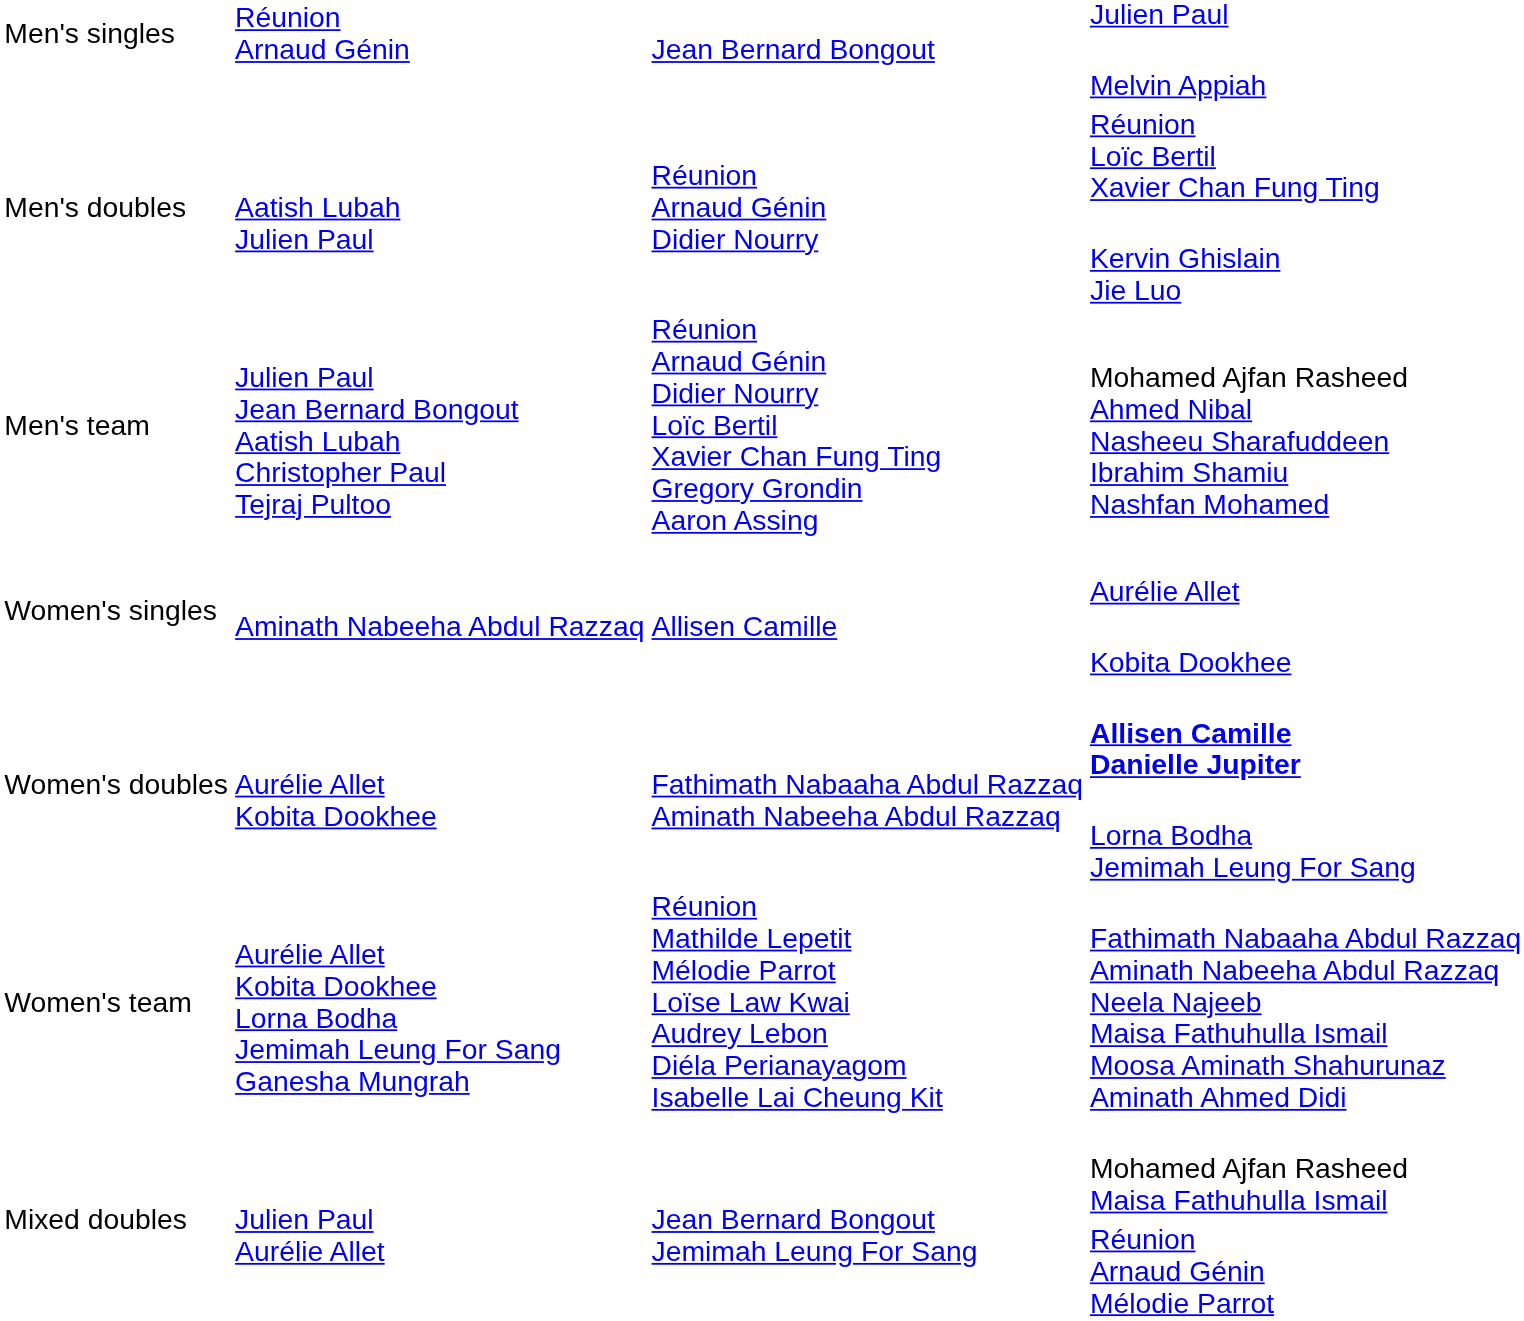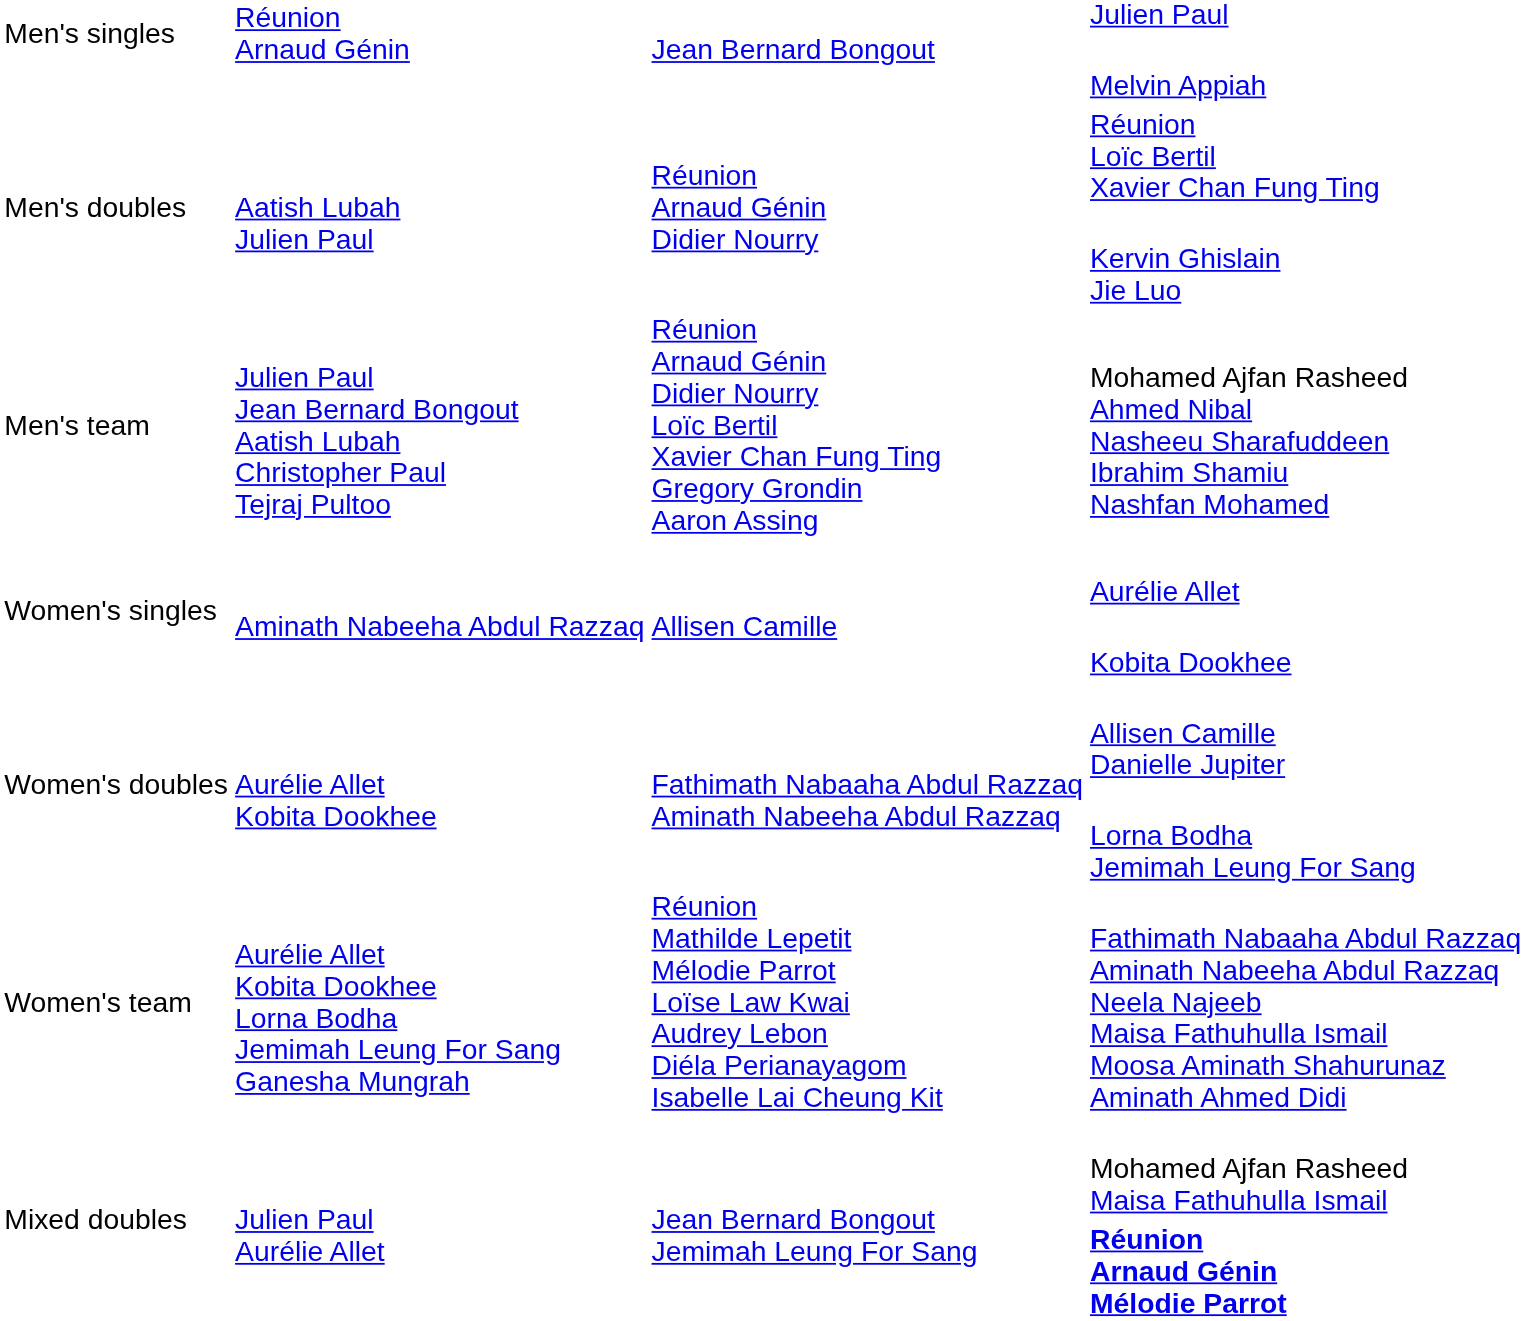 <table>
 <tr>
 <td rowspan=2>Men's singles</td>
 <td rowspan=2> <a href='#'>Réunion</a><br><a href='#'>Arnaud Génin</a></td>
 <td rowspan=2><br><a href='#'>Jean Bernard Bongout</a></td>
 <td><br><a href='#'>Julien Paul</a></td>
 </tr>
 <tr>
 <td><br><a href='#'>Melvin Appiah</a></td>
 </tr>
 <tr>
 <td rowspan=2>Men's doubles</td>
 <td rowspan=2><br><a href='#'>Aatish Lubah</a><br><a href='#'>Julien Paul</a></td>
 <td rowspan=2> <a href='#'>Réunion</a><br><a href='#'>Arnaud Génin</a><br><a href='#'>Didier Nourry</a></td>
 <td> <a href='#'>Réunion</a><br><a href='#'>Loïc Bertil</a><br><a href='#'>Xavier Chan Fung Ting</a></td>
 </tr>
 <tr>
 <td><br><a href='#'>Kervin Ghislain</a><br><a href='#'>Jie Luo</a></td>
 </tr>
 <tr>
 <td>Men's team</td>
 <td><br><a href='#'>Julien Paul</a><br><a href='#'>Jean Bernard Bongout</a><br><a href='#'>Aatish Lubah</a><br><a href='#'>Christopher Paul</a><br><a href='#'>Tejraj Pultoo</a></td>
 <td> <a href='#'>Réunion</a><br><a href='#'>Arnaud Génin</a><br><a href='#'>Didier Nourry</a><br><a href='#'>Loïc Bertil</a><br><a href='#'>Xavier Chan Fung Ting</a><br><a href='#'>Gregory Grondin</a><br><a href='#'>Aaron Assing</a></td>
 <td><br>Mohamed Ajfan Rasheed<br><a href='#'>Ahmed Nibal</a><br><a href='#'>Nasheeu Sharafuddeen</a><br><a href='#'>Ibrahim Shamiu</a><br><a href='#'>Nashfan Mohamed</a></td>
 </tr>
 <tr>
 <td rowspan=2>Women's singles</td>
 <td rowspan=2><br><a href='#'>Aminath Nabeeha Abdul Razzaq</a></td>
 <td rowspan=2><br><a href='#'>Allisen Camille</a></td>
 <td><br><a href='#'>Aurélie Allet</a></td>
 </tr>
 <tr>
 <td><br><a href='#'>Kobita Dookhee</a></td>
 </tr>
 <tr>
 <td rowspan=2>Women's doubles</td>
 <td rowspan=2><br><a href='#'>Aurélie Allet</a><br><a href='#'>Kobita Dookhee</a></td>
 <td rowspan=2><br><a href='#'>Fathimath Nabaaha Abdul Razzaq</a><br><a href='#'>Aminath Nabeeha Abdul Razzaq</a></td>
-<td><strong><br><a href='#'>Allisen Camille</a><br><a href='#'>Danielle Jupiter</a></strong></td>
+<td><br><a href='#'>Allisen Camille</a><br><a href='#'>Danielle Jupiter</a></td>
 </tr>
 <tr>
 <td><br><a href='#'>Lorna Bodha</a><br><a href='#'>Jemimah Leung For Sang</a></td>
 </tr>
 <tr>
 <td>Women's team</td>
 <td><br><a href='#'>Aurélie Allet</a><br><a href='#'>Kobita Dookhee</a><br><a href='#'>Lorna Bodha</a><br><a href='#'>Jemimah Leung For Sang</a><br><a href='#'>Ganesha Mungrah</a></td>
 <td> <a href='#'>Réunion</a><br><a href='#'>Mathilde Lepetit</a><br><a href='#'>Mélodie Parrot</a><br><a href='#'>Loïse Law Kwai</a><br><a href='#'>Audrey Lebon</a><br><a href='#'>Diéla Perianayagom</a><br><a href='#'>Isabelle Lai Cheung Kit</a></td>
 <td><br><a href='#'>Fathimath Nabaaha Abdul Razzaq</a><br><a href='#'>Aminath Nabeeha Abdul Razzaq</a><br><a href='#'>Neela Najeeb</a><br><a href='#'>Maisa Fathuhulla Ismail</a><br><a href='#'>Moosa Aminath Shahurunaz</a><br><a href='#'>Aminath Ahmed Didi</a></td>
 </tr>
 <tr>
 <td rowspan=2>Mixed doubles</td>
 <td rowspan=2><br><a href='#'>Julien Paul</a><br><a href='#'>Aurélie Allet</a></td>
 <td rowspan=2><br><a href='#'>Jean Bernard Bongout</a><br><a href='#'>Jemimah Leung For Sang</a></td>
 <td><br>Mohamed Ajfan Rasheed<br><a href='#'>Maisa Fathuhulla Ismail</a></td>
 </tr>
 <tr>
-<td> <a href='#'>Réunion</a><br><a href='#'>Arnaud Génin</a><br><a href='#'>Mélodie Parrot</a></td>
+<td><strong> <a href='#'>Réunion</a><br><a href='#'>Arnaud Génin</a><br><a href='#'>Mélodie Parrot</a></strong></td>
 </tr>
 </table>
